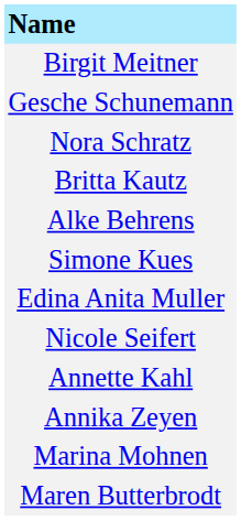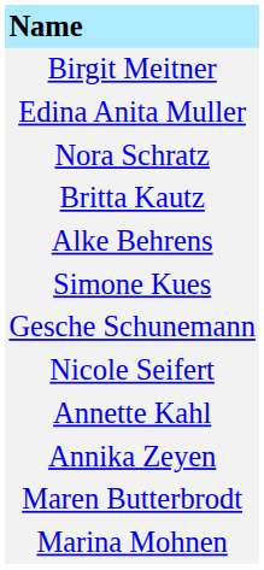 <table border=0 cellpadding=2 cellspacing=0  |- bgcolor=#F2F2F2 style="text-align:center; font-size:90%;">
 <tr bgcolor=#ADEBFD>
 <th align=left>Name</th>
 </tr>
 <tr>
 <td><a href='#'>Birgit Meitner</a></td>
 </tr>
 <tr>
-<td><a href='#'>Gesche Schunemann</a></td>
+<td><a href='#'>Edina Anita Muller</a></td>
 </tr>
 <tr>
 <td><a href='#'>Nora Schratz</a></td>
 </tr>
 <tr>
 <td><a href='#'>Britta Kautz</a></td>
 </tr>
 <tr>
 <td><a href='#'>Alke Behrens</a></td>
 </tr>
 <tr>
 <td><a href='#'>Simone Kues</a></td>
 </tr>
 <tr>
-<td><a href='#'>Edina Anita Muller</a></td>
+<td><a href='#'>Gesche Schunemann</a></td>
 </tr>
 <tr>
 <td><a href='#'>Nicole Seifert</a></td>
 </tr>
 <tr>
 <td><a href='#'>Annette Kahl</a></td>
 </tr>
 <tr>
 <td><a href='#'>Annika Zeyen</a></td>
 </tr>
 <tr>
+<td><a href='#'>Maren Butterbrodt</a></td>
+</tr>
+<tr>
 <td><a href='#'>Marina Mohnen</a></td>
 </tr>
-<tr>
-<td><a href='#'>Maren Butterbrodt</a></td>
-</tr>
 </table>
